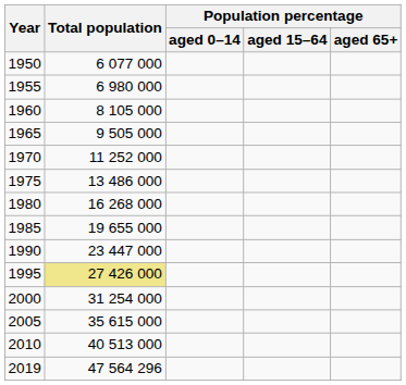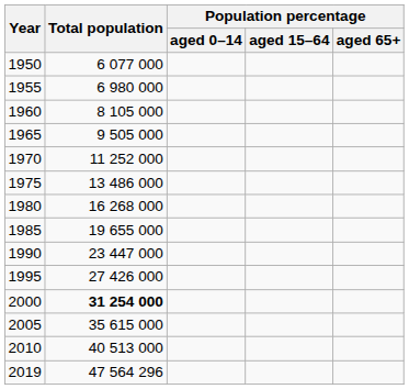 <table class="wikitable" style="text-align: right;">
 <tr>
 <th rowspan=2>Year</th>
 <th rowspan=2>Total population</th>
 <th colspan=3>Population percentage</th>
 </tr>
 <tr>
 <th>aged 0–14</th>
 <th>aged 15–64</th>
 <th>aged 65+</th>
 </tr>
 <tr>
 <td>1950</td>
 <td>6 077 000</td>
 <td></td>
 <td></td>
 <td></td>
 </tr>
 <tr>
 <td>1955</td>
 <td>6 980 000</td>
 <td></td>
 <td></td>
 <td></td>
 </tr>
 <tr>
 <td>1960</td>
 <td>8 105 000</td>
 <td></td>
 <td></td>
 <td></td>
 </tr>
 <tr>
 <td>1965</td>
 <td>9 505 000</td>
 <td></td>
 <td></td>
 <td></td>
 </tr>
 <tr>
 <td>1970</td>
 <td>11 252 000</td>
 <td></td>
 <td></td>
 <td></td>
 </tr>
 <tr>
 <td>1975</td>
 <td>13 486 000</td>
 <td></td>
 <td></td>
 <td></td>
 </tr>
 <tr>
 <td>1980</td>
 <td>16 268 000</td>
 <td></td>
 <td></td>
 <td></td>
 </tr>
 <tr>
 <td>1985</td>
 <td>19 655 000</td>
 <td></td>
 <td></td>
 <td></td>
 </tr>
 <tr>
 <td>1990</td>
 <td>23 447 000</td>
 <td></td>
 <td></td>
 <td></td>
 </tr>
 <tr>
 <td>1995</td>
-<td style="background: khaki;">27 426 000</td>
+<td>27 426 000</td>
 <td></td>
 <td></td>
 <td></td>
 </tr>
 <tr>
 <td>2000</td>
-<td>31 254 000</td>
+<td><strong>31 254 000</strong></td>
 <td></td>
 <td></td>
 <td></td>
 </tr>
 <tr>
 <td>2005</td>
 <td>35 615 000</td>
 <td></td>
 <td></td>
 <td></td>
 </tr>
 <tr>
 <td>2010</td>
 <td>40 513 000</td>
 <td></td>
 <td></td>
 <td></td>
 </tr>
 <tr>
 <td>2019</td>
 <td>47 564 296</td>
 <td></td>
 <td></td>
 <td></td>
 </tr>
 </table>
